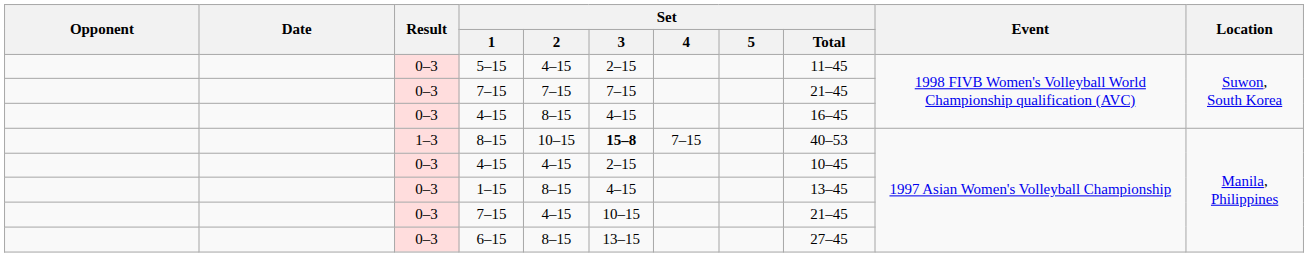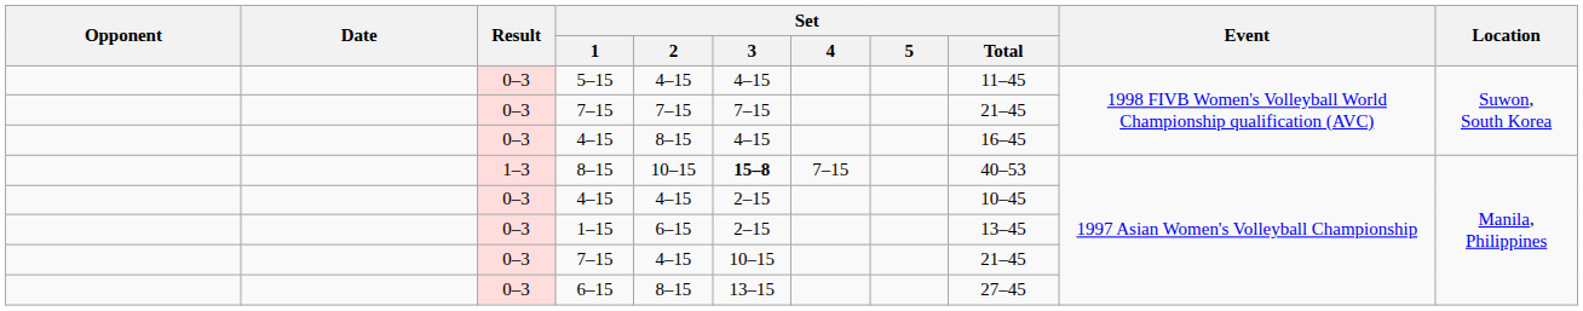 <table class="wikitable" style="font-size: 90%">
 <tr>
 <th rowspan=2 width=15%>Opponent</th>
 <th rowspan=2 width=15%>Date</th>
 <th rowspan=2 width=5%>Result</th>
 <th colspan=6>Set</th>
 <th rowspan=2 width=24%>Event</th>
 <th rowspan=2 width=16%>Location</th>
 </tr>
 <tr>
 <th width=5%>1</th>
 <th width=5%>2</th>
 <th width=5%>3</th>
 <th width=5%>4</th>
 <th width=5%>5</th>
 <th width=7%>Total</th>
 </tr>
 <tr style="text-align:center;">
 <td style="text-align:left;"></td>
 <td></td>
 <td style="background:#ffdddd;">0–3</td>
 <td>5–15</td>
 <td>4–15</td>
-<td>2–15</td>
+<td>4–15</td>
 <td></td>
 <td></td>
 <td>11–45</td>
 <td rowspan=3><a href='#'>1998 FIVB Women's Volleyball World Championship qualification (AVC)</a></td>
 <td rowspan=3><a href='#'>Suwon</a>,<br><a href='#'>South Korea</a></td>
 </tr>
 <tr style="text-align:center;">
 <td style="text-align:left;"></td>
 <td></td>
 <td style="background:#ffdddd;">0–3</td>
 <td>7–15</td>
 <td>7–15</td>
 <td>7–15</td>
 <td></td>
 <td></td>
 <td>21–45</td>
 </tr>
 <tr style="text-align:center;">
 <td style="text-align:left;"></td>
 <td></td>
 <td style="background:#ffdddd;">0–3</td>
 <td>4–15</td>
 <td>8–15</td>
 <td>4–15</td>
 <td></td>
 <td></td>
 <td>16–45</td>
 </tr>
 <tr style="text-align:center;">
 <td style="text-align:left;"></td>
 <td></td>
 <td style="background:#ffdddd;">1–3</td>
 <td>8–15</td>
 <td>10–15</td>
 <td><strong>15–8</strong></td>
 <td>7–15</td>
 <td></td>
 <td>40–53</td>
 <td rowspan=5><a href='#'>1997 Asian Women's Volleyball Championship</a></td>
 <td rowspan=5><a href='#'>Manila</a>, <a href='#'>Philippines</a></td>
 </tr>
 <tr style="text-align:center;">
 <td style="text-align:left;"></td>
 <td></td>
 <td style="background:#ffdddd;">0–3</td>
 <td>4–15</td>
 <td>4–15</td>
 <td>2–15</td>
 <td></td>
 <td></td>
 <td>10–45</td>
 </tr>
 <tr style="text-align:center;">
 <td style="text-align:left;"></td>
 <td></td>
 <td style="background:#ffdddd;">0–3</td>
 <td>1–15</td>
-<td>8–15</td>
-<td>4–15</td>
+<td>6–15</td>
+<td>2–15</td>
 <td></td>
 <td></td>
 <td>13–45</td>
 </tr>
 <tr style="text-align:center;">
 <td style="text-align:left;"></td>
 <td></td>
 <td style="background:#ffdddd;">0–3</td>
 <td>7–15</td>
 <td>4–15</td>
 <td>10–15</td>
 <td></td>
 <td></td>
 <td>21–45</td>
 </tr>
 <tr style="text-align:center;">
 <td style="text-align:left;"></td>
 <td></td>
 <td style="background:#ffdddd;">0–3</td>
 <td>6–15</td>
 <td>8–15</td>
 <td>13–15</td>
 <td></td>
 <td></td>
 <td>27–45</td>
 </tr>
 </table>
